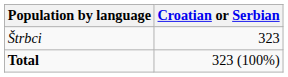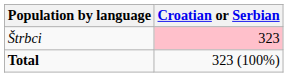 <table class="wikitable sortable">
 <tr>
 <th>Population by language</th>
 <th><a href='#'>Croatian</a> or <a href='#'>Serbian</a></th>
 </tr>
 <tr>
 <td><em>Štrbci</em></td>
-<td align="right">323</td>
+<td align="right" style="background: pink;">323</td>
 </tr>
 <tr>
 <td><strong>Total</strong></td>
 <td align="right">323 (100%)</td>
 </tr>
 </table>
